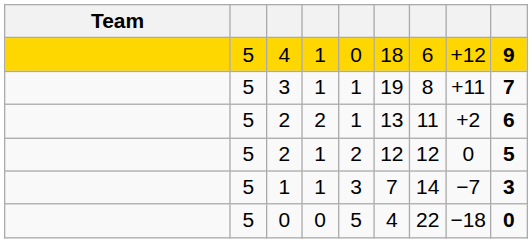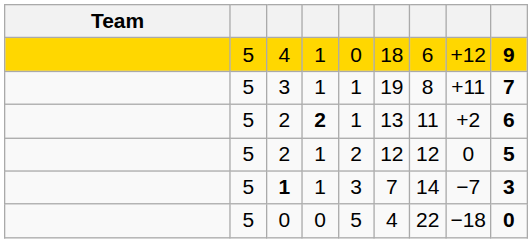 <table class="wikitable" style="text-align:center">
 <tr>
 <th width=165>Team</th>
 <th width=20></th>
 <th width=20></th>
 <th width=20></th>
 <th width=20></th>
 <th width=20></th>
 <th width=20></th>
 <th width=20></th>
 <th width=20></th>
 </tr>
 <tr align=center bgcolor=gold>
 <td align=left></td>
 <td>5</td>
 <td>4</td>
 <td>1</td>
 <td>0</td>
 <td>18</td>
 <td>6</td>
 <td>+12</td>
 <td><strong>9</strong></td>
 </tr>
 <tr align=center>
 <td align=left></td>
 <td>5</td>
 <td>3</td>
 <td>1</td>
 <td>1</td>
 <td>19</td>
 <td>8</td>
 <td>+11</td>
 <td><strong>7</strong></td>
 </tr>
 <tr align=center>
 <td align=left></td>
 <td>5</td>
 <td>2</td>
-<td>2</td>
+<td><strong>2</strong></td>
 <td>1</td>
 <td>13</td>
 <td>11</td>
 <td>+2</td>
 <td><strong>6</strong></td>
 </tr>
 <tr align=center>
 <td align=left></td>
 <td>5</td>
 <td>2</td>
 <td>1</td>
 <td>2</td>
 <td>12</td>
 <td>12</td>
 <td>0</td>
 <td><strong>5</strong></td>
 </tr>
 <tr align=center>
 <td align=left></td>
 <td>5</td>
-<td>1</td>
+<td><strong>1</strong></td>
 <td>1</td>
 <td>3</td>
 <td>7</td>
 <td>14</td>
 <td>−7</td>
 <td><strong>3</strong></td>
 </tr>
 <tr align=center>
 <td align=left></td>
 <td>5</td>
 <td>0</td>
 <td>0</td>
 <td>5</td>
 <td>4</td>
 <td>22</td>
 <td>−18</td>
 <td><strong>0</strong></td>
 </tr>
 </table>
